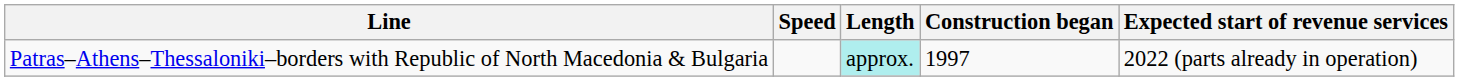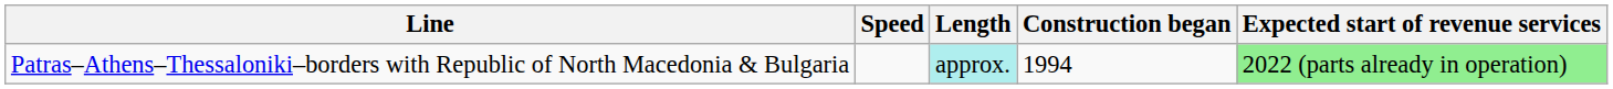 <table class="wikitable">
 <tr>
 <th>Line</th>
 <th>Speed</th>
 <th>Length</th>
 <th>Construction began</th>
 <th>Expected start of revenue services</th>
 </tr>
 <tr>
 <td><a href='#'>Patras</a>–<a href='#'>Athens</a>–<a href='#'>Thessaloniki</a>–borders with Republic of North Macedonia & Bulgaria</td>
 <td></td>
 <td style="background: paleturquoise;">approx. </td>
-<td>1997</td>
-<td>2022 (parts already in operation)</td>
+<td>1994</td>
+<td style="background: lightgreen;">2022 (parts already in operation)</td>
 </tr>
 </table>
